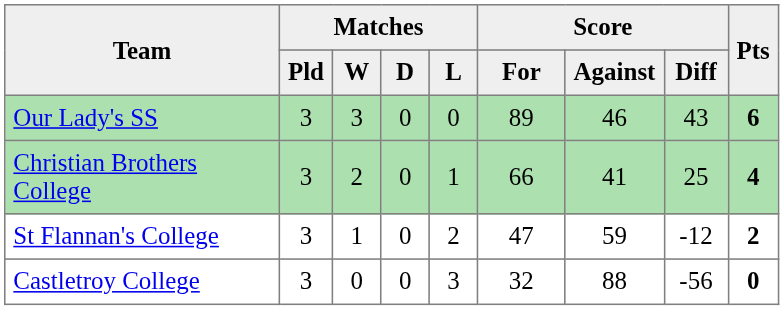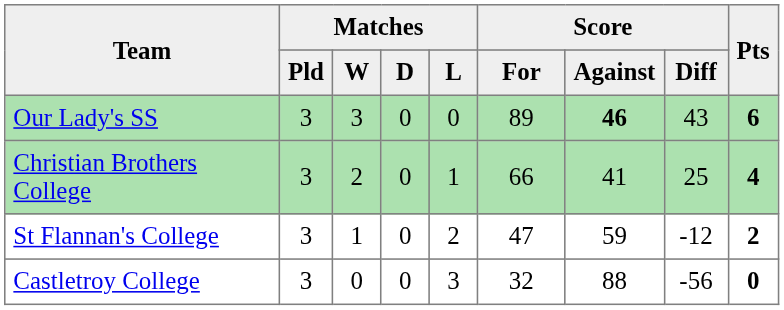 <table style=border-collapse:collapse border=1 cellspacing=0 cellpadding=5>
 <tr align=center bgcolor=#efefef>
 <th rowspan=2 width=165>Team</th>
 <th colspan=4>Matches</th>
 <th colspan=3>Score</th>
 <th rowspan=2width=20>Pts</th>
 </tr>
 <tr align=center bgcolor=#efefef>
 <th width=20>Pld</th>
 <th width=20>W</th>
 <th width=20>D</th>
 <th width=20>L</th>
 <th width=45>For</th>
 <th width=45>Against</th>
 <th width=30>Diff</th>
 </tr>
 <tr align=center style="background:#ACE1AF;">
 <td style="text-align:left;"><a href='#'>Our Lady's SS</a></td>
 <td>3</td>
 <td>3</td>
 <td>0</td>
 <td>0</td>
 <td>89</td>
-<td>46</td>
+<td><strong>46</strong></td>
 <td>43</td>
 <td><strong>6</strong></td>
 </tr>
 <tr align=center style="background:#ACE1AF;">
 <td style="text-align:left;"><a href='#'>Christian Brothers College</a></td>
 <td>3</td>
 <td>2</td>
 <td>0</td>
 <td>1</td>
 <td>66</td>
 <td>41</td>
 <td>25</td>
 <td><strong>4</strong></td>
 </tr>
 <tr align=center>
 <td style="text-align:left;"><a href='#'>St Flannan's College</a></td>
 <td>3</td>
 <td>1</td>
 <td>0</td>
 <td>2</td>
 <td>47</td>
 <td>59</td>
 <td>-12</td>
 <td><strong>2</strong></td>
 </tr>
 <tr align=center>
 <td style="text-align:left;"><a href='#'>Castletroy College</a></td>
 <td>3</td>
 <td>0</td>
 <td>0</td>
 <td>3</td>
 <td>32</td>
 <td>88</td>
 <td>-56</td>
 <td><strong>0</strong></td>
 </tr>
 </table>
